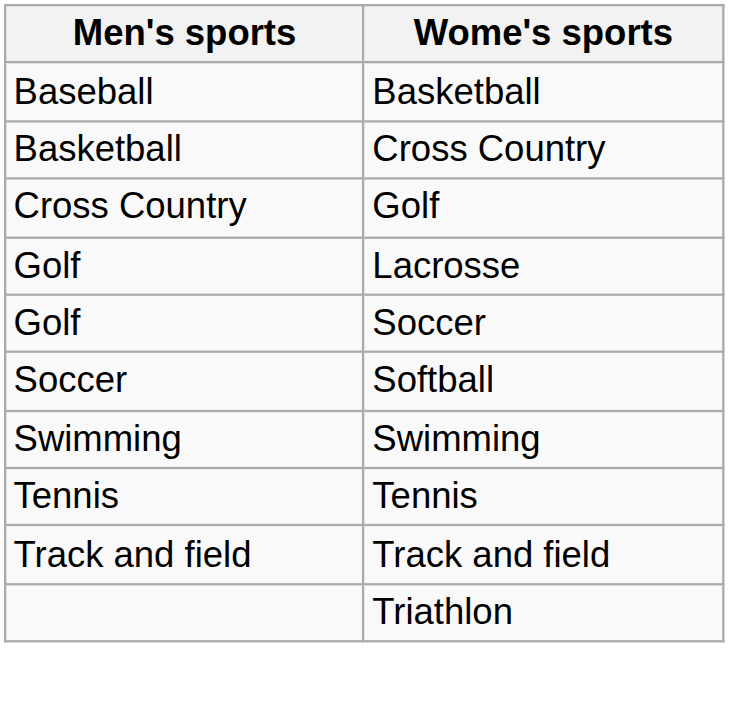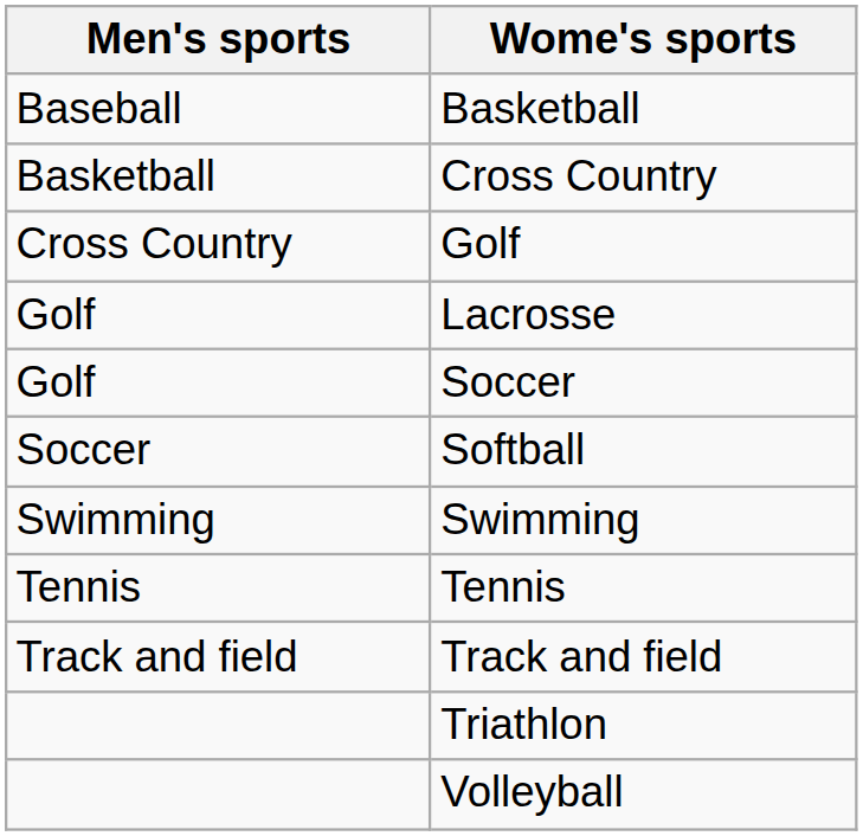 <table class="wikitable"; style= "text-align: ">
 <tr>
 <th width=150px>Men's sports</th>
 <th width=150px>Wome's sports</th>
 </tr>
 <tr>
 <td>Baseball</td>
 <td>Basketball</td>
 </tr>
 <tr>
 <td>Basketball</td>
 <td>Cross Country</td>
 </tr>
 <tr>
 <td>Cross Country</td>
 <td>Golf</td>
 </tr>
 <tr>
 <td>Golf</td>
 <td>Lacrosse</td>
 </tr>
 <tr>
 <td>Golf</td>
 <td>Soccer</td>
 </tr>
 <tr>
 <td>Soccer</td>
 <td>Softball</td>
 </tr>
 <tr>
 <td>Swimming</td>
 <td>Swimming</td>
 </tr>
 <tr>
 <td>Tennis</td>
 <td>Tennis</td>
 </tr>
 <tr>
 <td>Track and field</td>
 <td>Track and field</td>
 </tr>
 <tr>
 <td></td>
 <td>Triathlon</td>
 </tr>
+<tr>
+<td></td>
+<td>Volleyball</td>
+</tr>
 </table>
